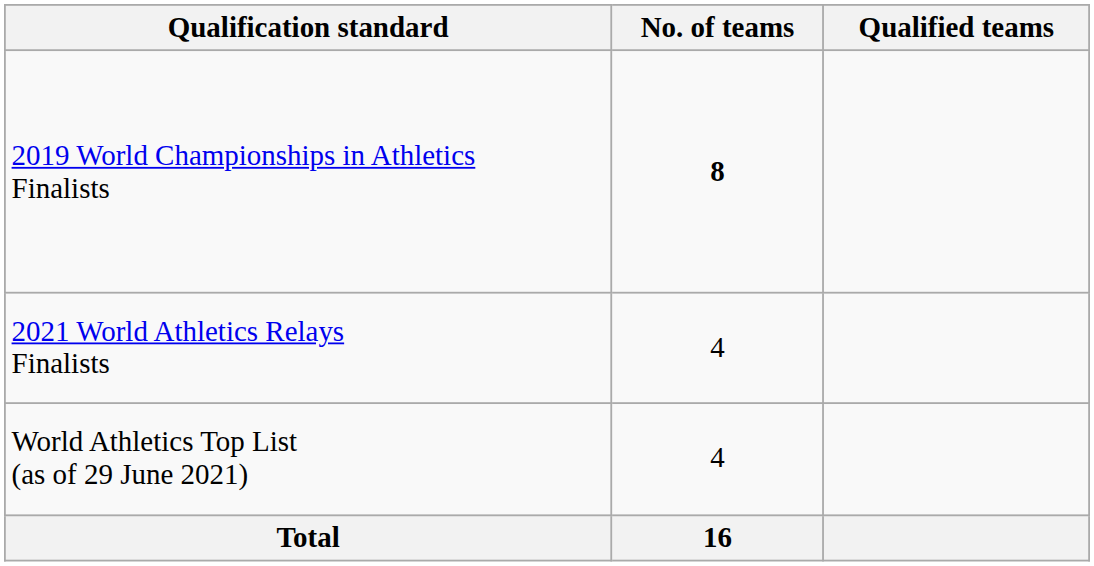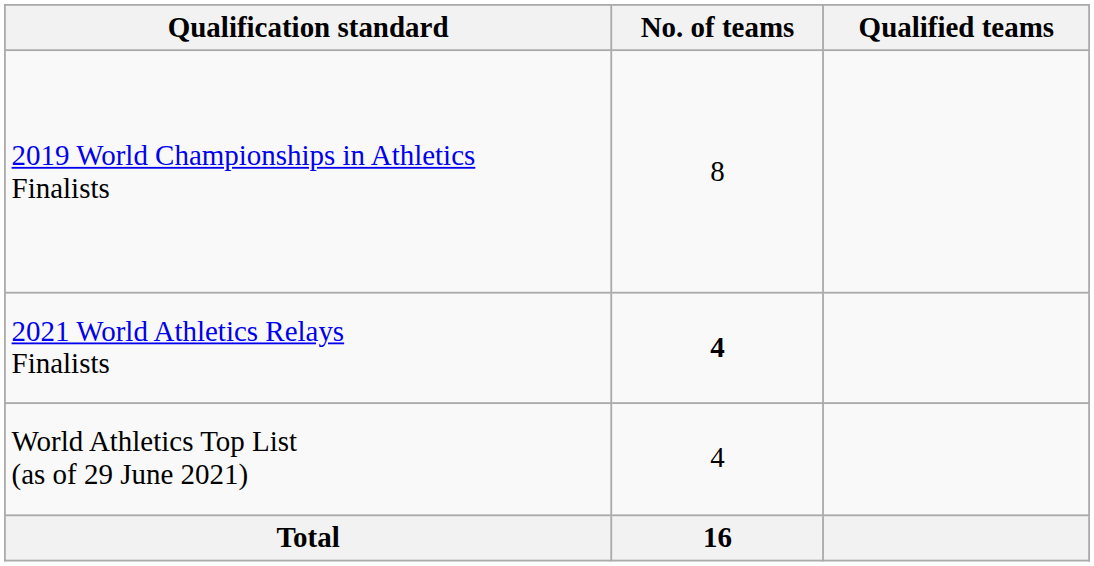 <table class="wikitable" style="text-align:left; width:600px;">
 <tr>
 <th>Qualification standard</th>
 <th>No. of teams</th>
 <th>Qualified teams</th>
 </tr>
 <tr>
 <td><a href='#'>2019 World Championships in Athletics</a><br>Finalists</td>
-<td align=center><strong>8</strong></td>
+<td align=center>8</td>
 <td><br><br><br><br><br><br><br></td>
 </tr>
 <tr>
 <td><a href='#'>2021 World Athletics Relays</a><br>Finalists</td>
-<td align=center>4</td>
+<td align=center><strong>4</strong></td>
 <td><br><br><br></td>
 </tr>
 <tr>
 <td>World Athletics Top List<br>(as of 29 June 2021)</td>
 <td align=center>4</td>
 <td><br><br><br></td>
 </tr>
 <tr>
 <th>Total</th>
 <th>16</th>
 <th colspan=2></th>
 </tr>
 </table>
